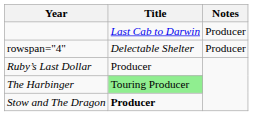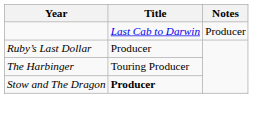 <table class="wikitable">
 <tr>
 <th>Year</th>
 <th>Title</th>
 <th>Notes</th>
 </tr>
 <tr>
 <td></td>
 <td><em><a href='#'>Last Cab to Darwin</a></em></td>
 <td>Producer</td>
 </tr>
 <tr>
-<td>rowspan="4" </td>
-<td><em>Delectable Shelter</em></td>
-<td>Producer</td>
-</tr>
-<tr>
 <td><em>Ruby’s Last Dollar</em></td>
 <td>Producer</td>
 </tr>
 <tr>
 <td><em>The Harbinger</em></td>
-<td style="background: lightgreen;">Touring Producer</td>
+<td>Touring Producer</td>
 </tr>
 <tr>
 <td><em>Stow and The Dragon</em></td>
 <td><strong>Producer</strong></td>
 </tr>
 </table>
